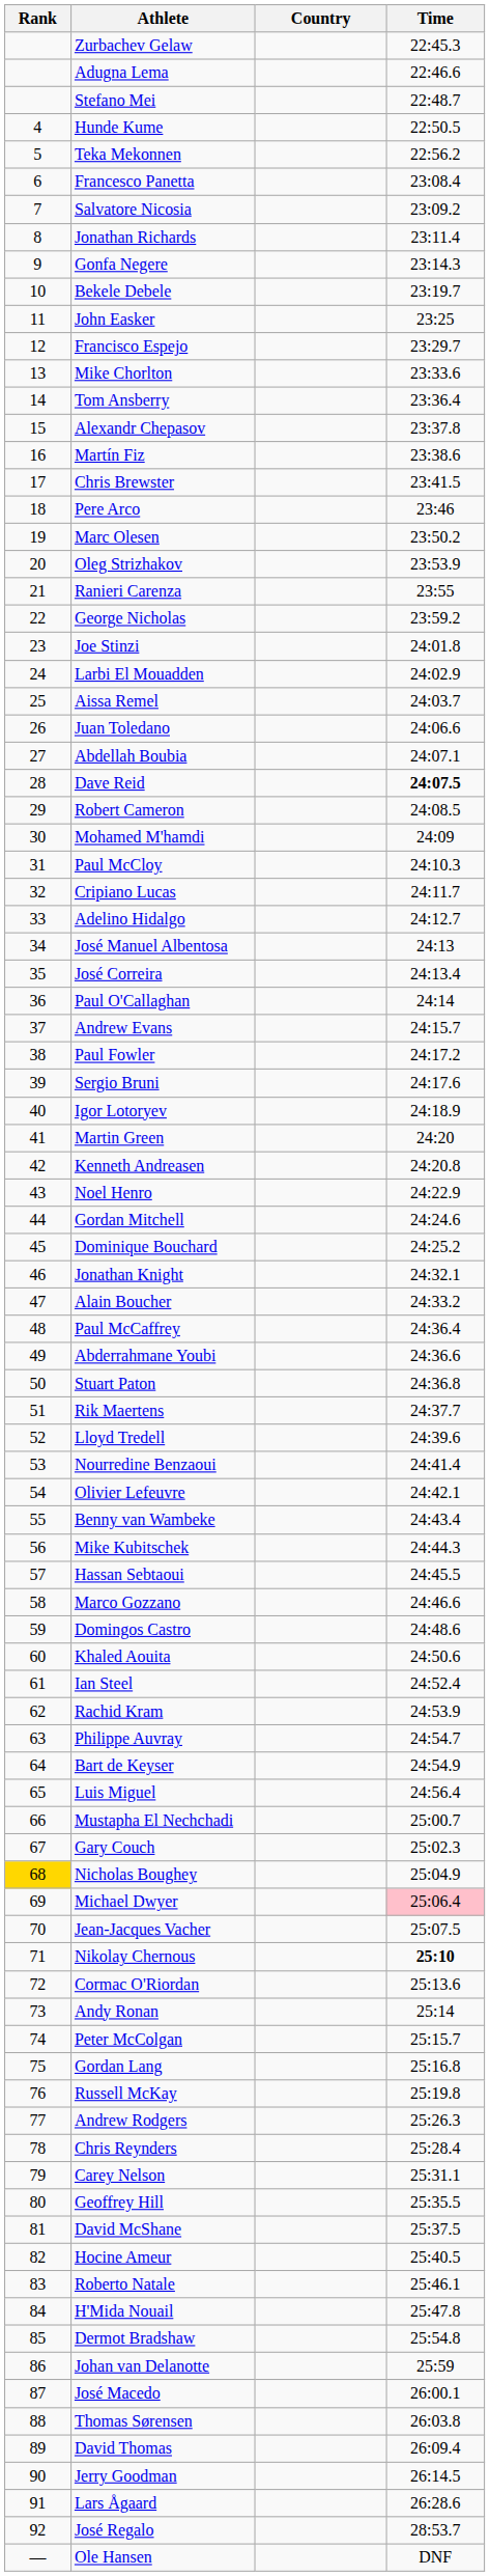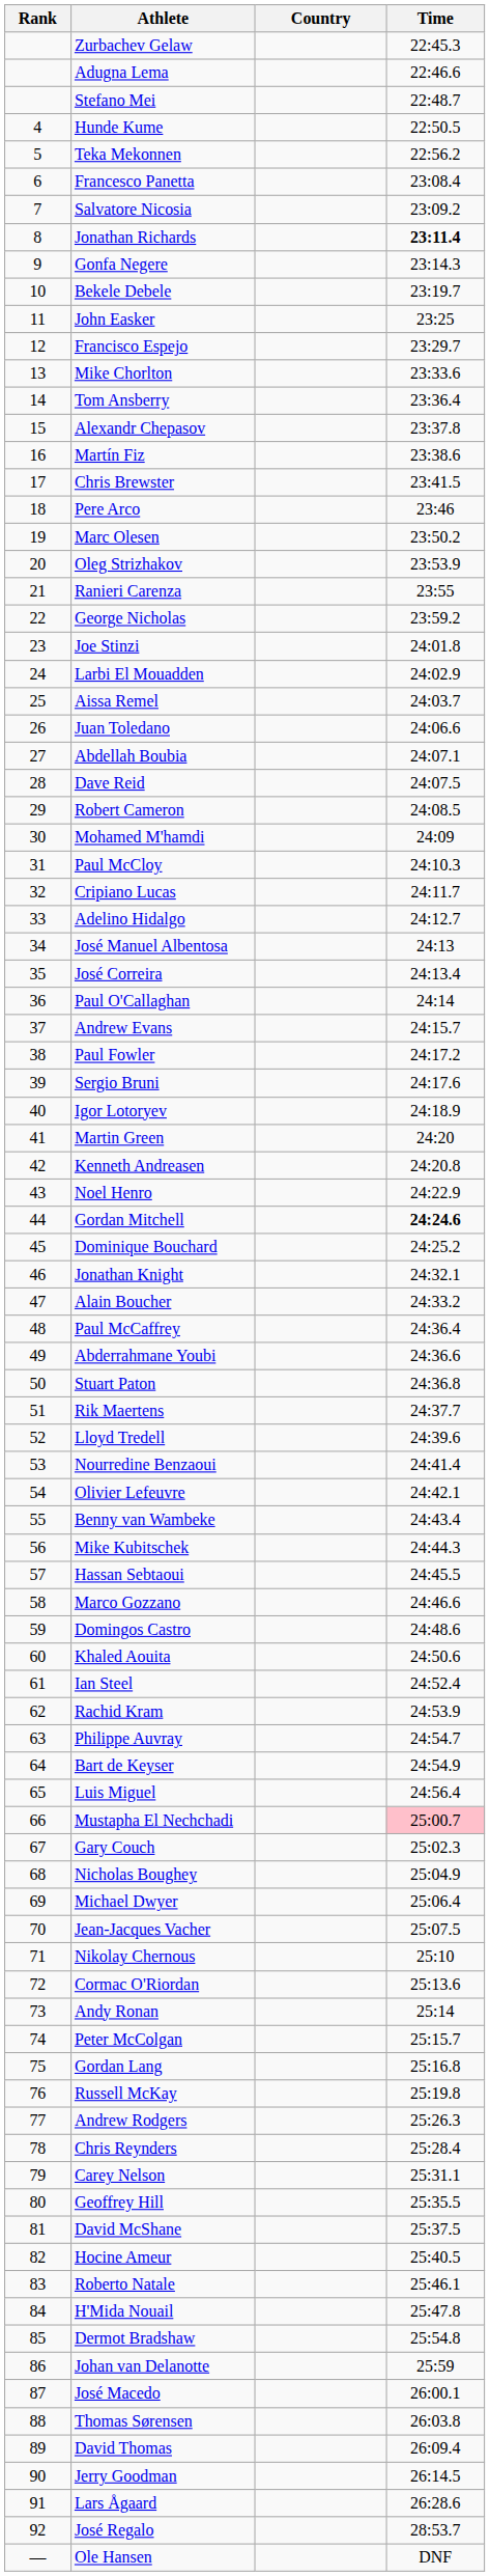 <table class="wikitable sortable" style=" text-align:center; font-size:95%;" width="50%">
 <tr>
 <th width=5%>Rank</th>
 <th width=20%>Athlete</th>
 <th width=15%>Country</th>
 <th width=10%>Time</th>
 </tr>
 <tr>
 <td align=center></td>
 <td align=left><a href='#'>Zurbachev Gelaw</a></td>
 <td align=left></td>
 <td>22:45.3</td>
 </tr>
 <tr>
 <td align=center></td>
 <td align=left><a href='#'>Adugna Lema</a></td>
 <td align=left></td>
 <td>22:46.6</td>
 </tr>
 <tr>
 <td align=center></td>
 <td align=left><a href='#'>Stefano Mei</a></td>
 <td align=left></td>
 <td>22:48.7</td>
 </tr>
 <tr>
 <td align=center>4</td>
 <td align=left><a href='#'>Hunde Kume</a></td>
 <td align=left></td>
 <td>22:50.5</td>
 </tr>
 <tr>
 <td align=center>5</td>
 <td align=left><a href='#'>Teka Mekonnen</a></td>
 <td align=left></td>
 <td>22:56.2</td>
 </tr>
 <tr>
 <td align=center>6</td>
 <td align=left><a href='#'>Francesco Panetta</a></td>
 <td align=left></td>
 <td>23:08.4</td>
 </tr>
 <tr>
 <td align=center>7</td>
 <td align=left><a href='#'>Salvatore Nicosia</a></td>
 <td align=left></td>
 <td>23:09.2</td>
 </tr>
 <tr>
 <td align=center>8</td>
 <td align=left><a href='#'>Jonathan Richards</a></td>
 <td align=left></td>
-<td>23:11.4</td>
+<td><strong>23:11.4</strong></td>
 </tr>
 <tr>
 <td align=center>9</td>
 <td align=left><a href='#'>Gonfa Negere</a></td>
 <td align=left></td>
 <td>23:14.3</td>
 </tr>
 <tr>
 <td align=center>10</td>
 <td align=left><a href='#'>Bekele Debele</a></td>
 <td align=left></td>
 <td>23:19.7</td>
 </tr>
 <tr>
 <td align=center>11</td>
 <td align=left><a href='#'>John Easker</a></td>
 <td align=left></td>
 <td>23:25</td>
 </tr>
 <tr>
 <td align=center>12</td>
 <td align=left><a href='#'>Francisco Espejo</a></td>
 <td align=left></td>
 <td>23:29.7</td>
 </tr>
 <tr>
 <td align=center>13</td>
 <td align=left><a href='#'>Mike Chorlton</a></td>
 <td align=left></td>
 <td>23:33.6</td>
 </tr>
 <tr>
 <td align=center>14</td>
 <td align=left><a href='#'>Tom Ansberry</a></td>
 <td align=left></td>
 <td>23:36.4</td>
 </tr>
 <tr>
 <td align=center>15</td>
 <td align=left><a href='#'>Alexandr Chepasov</a></td>
 <td align=left></td>
 <td>23:37.8</td>
 </tr>
 <tr>
 <td align=center>16</td>
 <td align=left><a href='#'>Martín Fiz</a></td>
 <td align=left></td>
 <td>23:38.6</td>
 </tr>
 <tr>
 <td align=center>17</td>
 <td align=left><a href='#'>Chris Brewster</a></td>
 <td align=left></td>
 <td>23:41.5</td>
 </tr>
 <tr>
 <td align=center>18</td>
 <td align=left><a href='#'>Pere Arco</a></td>
 <td align=left></td>
 <td>23:46</td>
 </tr>
 <tr>
 <td align=center>19</td>
 <td align=left><a href='#'>Marc Olesen</a></td>
 <td align=left></td>
 <td>23:50.2</td>
 </tr>
 <tr>
 <td align=center>20</td>
 <td align=left><a href='#'>Oleg Strizhakov</a></td>
 <td align=left></td>
 <td>23:53.9</td>
 </tr>
 <tr>
 <td align=center>21</td>
 <td align=left><a href='#'>Ranieri Carenza</a></td>
 <td align=left></td>
 <td>23:55</td>
 </tr>
 <tr>
 <td align=center>22</td>
 <td align=left><a href='#'>George Nicholas</a></td>
 <td align=left></td>
 <td>23:59.2</td>
 </tr>
 <tr>
 <td align=center>23</td>
 <td align=left><a href='#'>Joe Stinzi</a></td>
 <td align=left></td>
 <td>24:01.8</td>
 </tr>
 <tr>
 <td align=center>24</td>
 <td align=left><a href='#'>Larbi El Mouadden</a></td>
 <td align=left></td>
 <td>24:02.9</td>
 </tr>
 <tr>
 <td align=center>25</td>
 <td align=left><a href='#'>Aissa Remel</a></td>
 <td align=left></td>
 <td>24:03.7</td>
 </tr>
 <tr>
 <td align=center>26</td>
 <td align=left><a href='#'>Juan Toledano</a></td>
 <td align=left></td>
 <td>24:06.6</td>
 </tr>
 <tr>
 <td align=center>27</td>
 <td align=left><a href='#'>Abdellah Boubia</a></td>
 <td align=left></td>
 <td>24:07.1</td>
 </tr>
 <tr>
 <td align=center>28</td>
 <td align=left><a href='#'>Dave Reid</a></td>
 <td align=left></td>
-<td><strong>24:07.5</strong></td>
+<td>24:07.5</td>
 </tr>
 <tr>
 <td align=center>29</td>
 <td align=left><a href='#'>Robert Cameron</a></td>
 <td align=left></td>
 <td>24:08.5</td>
 </tr>
 <tr>
 <td align=center>30</td>
 <td align=left><a href='#'>Mohamed M'hamdi</a></td>
 <td align=left></td>
 <td>24:09</td>
 </tr>
 <tr>
 <td align=center>31</td>
 <td align=left><a href='#'>Paul McCloy</a></td>
 <td align=left></td>
 <td>24:10.3</td>
 </tr>
 <tr>
 <td align=center>32</td>
 <td align=left><a href='#'>Cripiano Lucas</a></td>
 <td align=left></td>
 <td>24:11.7</td>
 </tr>
 <tr>
 <td align=center>33</td>
 <td align=left><a href='#'>Adelino Hidalgo</a></td>
 <td align=left></td>
 <td>24:12.7</td>
 </tr>
 <tr>
 <td align=center>34</td>
 <td align=left><a href='#'>José Manuel Albentosa</a></td>
 <td align=left></td>
 <td>24:13</td>
 </tr>
 <tr>
 <td align=center>35</td>
 <td align=left><a href='#'>José Correira</a></td>
 <td align=left></td>
 <td>24:13.4</td>
 </tr>
 <tr>
 <td align=center>36</td>
 <td align=left><a href='#'>Paul O'Callaghan</a></td>
 <td align=left></td>
 <td>24:14</td>
 </tr>
 <tr>
 <td align=center>37</td>
 <td align=left><a href='#'>Andrew Evans</a></td>
 <td align=left></td>
 <td>24:15.7</td>
 </tr>
 <tr>
 <td align=center>38</td>
 <td align=left><a href='#'>Paul Fowler</a></td>
 <td align=left></td>
 <td>24:17.2</td>
 </tr>
 <tr>
 <td align=center>39</td>
 <td align=left><a href='#'>Sergio Bruni</a></td>
 <td align=left></td>
 <td>24:17.6</td>
 </tr>
 <tr>
 <td align=center>40</td>
 <td align=left><a href='#'>Igor Lotoryev</a></td>
 <td align=left></td>
 <td>24:18.9</td>
 </tr>
 <tr>
 <td align=center>41</td>
 <td align=left><a href='#'>Martin Green</a></td>
 <td align=left></td>
 <td>24:20</td>
 </tr>
 <tr>
 <td align=center>42</td>
 <td align=left><a href='#'>Kenneth Andreasen</a></td>
 <td align=left></td>
 <td>24:20.8</td>
 </tr>
 <tr>
 <td align=center>43</td>
 <td align=left><a href='#'>Noel Henro</a></td>
 <td align=left></td>
 <td>24:22.9</td>
 </tr>
 <tr>
 <td align=center>44</td>
 <td align=left><a href='#'>Gordan Mitchell</a></td>
 <td align=left></td>
-<td>24:24.6</td>
+<td><strong>24:24.6</strong></td>
 </tr>
 <tr>
 <td align=center>45</td>
 <td align=left><a href='#'>Dominique Bouchard</a></td>
 <td align=left></td>
 <td>24:25.2</td>
 </tr>
 <tr>
 <td align=center>46</td>
 <td align=left><a href='#'>Jonathan Knight</a></td>
 <td align=left></td>
 <td>24:32.1</td>
 </tr>
 <tr>
 <td align=center>47</td>
 <td align=left><a href='#'>Alain Boucher</a></td>
 <td align=left></td>
 <td>24:33.2</td>
 </tr>
 <tr>
 <td align=center>48</td>
 <td align=left><a href='#'>Paul McCaffrey</a></td>
 <td align=left></td>
 <td>24:36.4</td>
 </tr>
 <tr>
 <td align=center>49</td>
 <td align=left><a href='#'>Abderrahmane Youbi</a></td>
 <td align=left></td>
 <td>24:36.6</td>
 </tr>
 <tr>
 <td align=center>50</td>
 <td align=left><a href='#'>Stuart Paton</a></td>
 <td align=left></td>
 <td>24:36.8</td>
 </tr>
 <tr>
 <td align=center>51</td>
 <td align=left><a href='#'>Rik Maertens</a></td>
 <td align=left></td>
 <td>24:37.7</td>
 </tr>
 <tr>
 <td align=center>52</td>
 <td align=left><a href='#'>Lloyd Tredell</a></td>
 <td align=left></td>
 <td>24:39.6</td>
 </tr>
 <tr>
 <td align=center>53</td>
 <td align=left><a href='#'>Nourredine Benzaoui</a></td>
 <td align=left></td>
 <td>24:41.4</td>
 </tr>
 <tr>
 <td align=center>54</td>
 <td align=left><a href='#'>Olivier Lefeuvre</a></td>
 <td align=left></td>
 <td>24:42.1</td>
 </tr>
 <tr>
 <td align=center>55</td>
 <td align=left><a href='#'>Benny van Wambeke</a></td>
 <td align=left></td>
 <td>24:43.4</td>
 </tr>
 <tr>
 <td align=center>56</td>
 <td align=left><a href='#'>Mike Kubitschek</a></td>
 <td align=left></td>
 <td>24:44.3</td>
 </tr>
 <tr>
 <td align=center>57</td>
 <td align=left><a href='#'>Hassan Sebtaoui</a></td>
 <td align=left></td>
 <td>24:45.5</td>
 </tr>
 <tr>
 <td align=center>58</td>
 <td align=left><a href='#'>Marco Gozzano</a></td>
 <td align=left></td>
 <td>24:46.6</td>
 </tr>
 <tr>
 <td align=center>59</td>
 <td align=left><a href='#'>Domingos Castro</a></td>
 <td align=left></td>
 <td>24:48.6</td>
 </tr>
 <tr>
 <td align=center>60</td>
 <td align=left><a href='#'>Khaled Aouita</a></td>
 <td align=left></td>
 <td>24:50.6</td>
 </tr>
 <tr>
 <td align=center>61</td>
 <td align=left><a href='#'>Ian Steel</a></td>
 <td align=left></td>
 <td>24:52.4</td>
 </tr>
 <tr>
 <td align=center>62</td>
 <td align=left><a href='#'>Rachid Kram</a></td>
 <td align=left></td>
 <td>24:53.9</td>
 </tr>
 <tr>
 <td align=center>63</td>
 <td align=left><a href='#'>Philippe Auvray</a></td>
 <td align=left></td>
 <td>24:54.7</td>
 </tr>
 <tr>
 <td align=center>64</td>
 <td align=left><a href='#'>Bart de Keyser</a></td>
 <td align=left></td>
 <td>24:54.9</td>
 </tr>
 <tr>
 <td align=center>65</td>
 <td align=left><a href='#'>Luis Miguel</a></td>
 <td align=left></td>
 <td>24:56.4</td>
 </tr>
 <tr>
 <td align=center>66</td>
 <td align=left><a href='#'>Mustapha El Nechchadi</a></td>
 <td align=left></td>
-<td>25:00.7</td>
+<td style="background: pink;">25:00.7</td>
 </tr>
 <tr>
 <td align=center>67</td>
 <td align=left><a href='#'>Gary Couch</a></td>
 <td align=left></td>
 <td>25:02.3</td>
 </tr>
 <tr>
-<td align=center style="background: gold;">68</td>
+<td align=center>68</td>
 <td align=left><a href='#'>Nicholas Boughey</a></td>
 <td align=left></td>
 <td>25:04.9</td>
 </tr>
 <tr>
 <td align=center>69</td>
 <td align=left><a href='#'>Michael Dwyer</a></td>
 <td align=left></td>
-<td style="background: pink;">25:06.4</td>
+<td>25:06.4</td>
 </tr>
 <tr>
 <td align=center>70</td>
 <td align=left><a href='#'>Jean-Jacques Vacher</a></td>
 <td align=left></td>
 <td>25:07.5</td>
 </tr>
 <tr>
 <td align=center>71</td>
 <td align=left><a href='#'>Nikolay Chernous</a></td>
 <td align=left></td>
-<td><strong>25:10</strong></td>
+<td>25:10</td>
 </tr>
 <tr>
 <td align=center>72</td>
 <td align=left><a href='#'>Cormac O'Riordan</a></td>
 <td align=left></td>
 <td>25:13.6</td>
 </tr>
 <tr>
 <td align=center>73</td>
 <td align=left><a href='#'>Andy Ronan</a></td>
 <td align=left></td>
 <td>25:14</td>
 </tr>
 <tr>
 <td align=center>74</td>
 <td align=left><a href='#'>Peter McColgan</a></td>
 <td align=left></td>
 <td>25:15.7</td>
 </tr>
 <tr>
 <td align=center>75</td>
 <td align=left><a href='#'>Gordan Lang</a></td>
 <td align=left></td>
 <td>25:16.8</td>
 </tr>
 <tr>
 <td align=center>76</td>
 <td align=left><a href='#'>Russell McKay</a></td>
 <td align=left></td>
 <td>25:19.8</td>
 </tr>
 <tr>
 <td align=center>77</td>
 <td align=left><a href='#'>Andrew Rodgers</a></td>
 <td align=left></td>
 <td>25:26.3</td>
 </tr>
 <tr>
 <td align=center>78</td>
 <td align=left><a href='#'>Chris Reynders</a></td>
 <td align=left></td>
 <td>25:28.4</td>
 </tr>
 <tr>
 <td align=center>79</td>
 <td align=left><a href='#'>Carey Nelson</a></td>
 <td align=left></td>
 <td>25:31.1</td>
 </tr>
 <tr>
 <td align=center>80</td>
 <td align=left><a href='#'>Geoffrey Hill</a></td>
 <td align=left></td>
 <td>25:35.5</td>
 </tr>
 <tr>
 <td align=center>81</td>
 <td align=left><a href='#'>David McShane</a></td>
 <td align=left></td>
 <td>25:37.5</td>
 </tr>
 <tr>
 <td align=center>82</td>
 <td align=left><a href='#'>Hocine Ameur</a></td>
 <td align=left></td>
 <td>25:40.5</td>
 </tr>
 <tr>
 <td align=center>83</td>
 <td align=left><a href='#'>Roberto Natale</a></td>
 <td align=left></td>
 <td>25:46.1</td>
 </tr>
 <tr>
 <td align=center>84</td>
 <td align=left><a href='#'>H'Mida Nouail</a></td>
 <td align=left></td>
 <td>25:47.8</td>
 </tr>
 <tr>
 <td align=center>85</td>
 <td align=left><a href='#'>Dermot Bradshaw</a></td>
 <td align=left></td>
 <td>25:54.8</td>
 </tr>
 <tr>
 <td align=center>86</td>
 <td align=left><a href='#'>Johan van Delanotte</a></td>
 <td align=left></td>
 <td>25:59</td>
 </tr>
 <tr>
 <td align=center>87</td>
 <td align=left><a href='#'>José Macedo</a></td>
 <td align=left></td>
 <td>26:00.1</td>
 </tr>
 <tr>
 <td align=center>88</td>
 <td align=left><a href='#'>Thomas Sørensen</a></td>
 <td align=left></td>
 <td>26:03.8</td>
 </tr>
 <tr>
 <td align=center>89</td>
 <td align=left><a href='#'>David Thomas</a></td>
 <td align=left></td>
 <td>26:09.4</td>
 </tr>
 <tr>
 <td align=center>90</td>
 <td align=left><a href='#'>Jerry Goodman</a></td>
 <td align=left></td>
 <td>26:14.5</td>
 </tr>
 <tr>
 <td align=center>91</td>
 <td align=left><a href='#'>Lars Ågaard</a></td>
 <td align=left></td>
 <td>26:28.6</td>
 </tr>
 <tr>
 <td align=center>92</td>
 <td align=left><a href='#'>José Regalo</a></td>
 <td align=left></td>
 <td>28:53.7</td>
 </tr>
 <tr>
 <td align=center>—</td>
 <td align=left><a href='#'>Ole Hansen</a></td>
 <td align=left></td>
 <td>DNF</td>
 </tr>
 </table>
